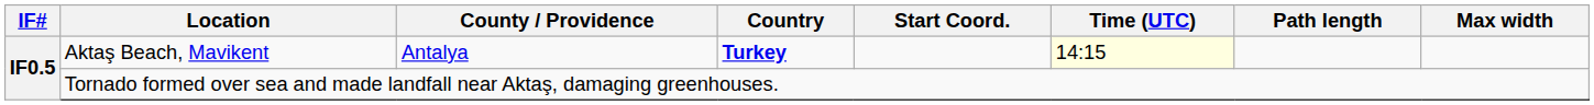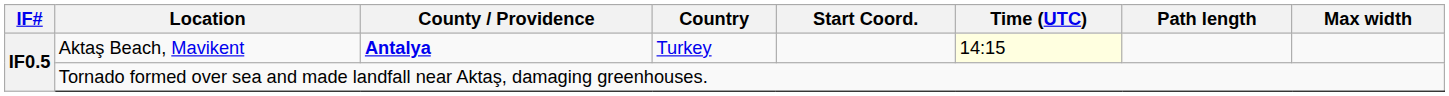 <table class="wikitable sortable" style="width:100%;">
 <tr>
 <th scope="col" width="2%" align="center"><a href='#'>IF#</a></th>
 <th scope="col" align="center" class="unsortable">Location</th>
 <th scope="col" align="center" class="unsortable">County / Providence</th>
 <th scope="col" align="center">Country</th>
 <th scope="col" align="center">Start Coord.</th>
 <th scope="col" align="center">Time (<a href='#'>UTC</a>)</th>
 <th scope="col" align="center">Path length</th>
 <th scope="col" align="center">Max width</th>
 </tr>
 <tr>
 <th scope="row" rowspan="2" style="background-color:#">IF0.5</th>
 <td>Aktaş Beach, <a href='#'>Mavikent</a></td>
-<td><a href='#'>Antalya</a></td>
-<td><strong><a href='#'>Turkey</a></strong></td>
+<td><strong><a href='#'>Antalya</a></strong></td>
+<td><a href='#'>Turkey</a></td>
 <td></td>
 <td style="background: lightyellow;">14:15</td>
 <td></td>
 <td></td>
 </tr>
 <tr class="expand-child">
 <td colspan="8" style=" border-bottom: 1px solid black;">Tornado formed over sea and made landfall near Aktaş, damaging greenhouses.</td>
 </tr>
 </table>
